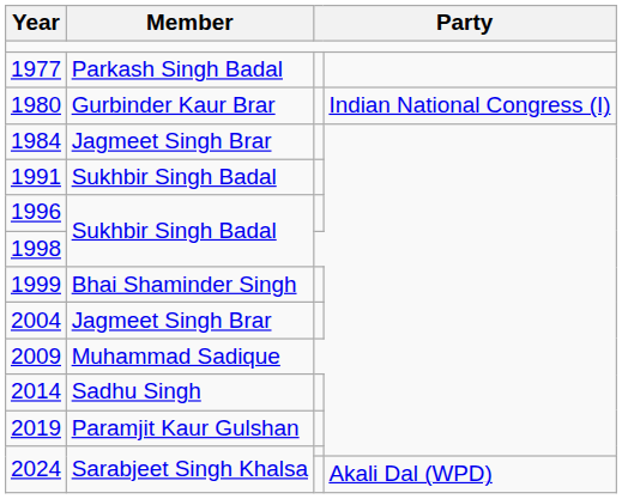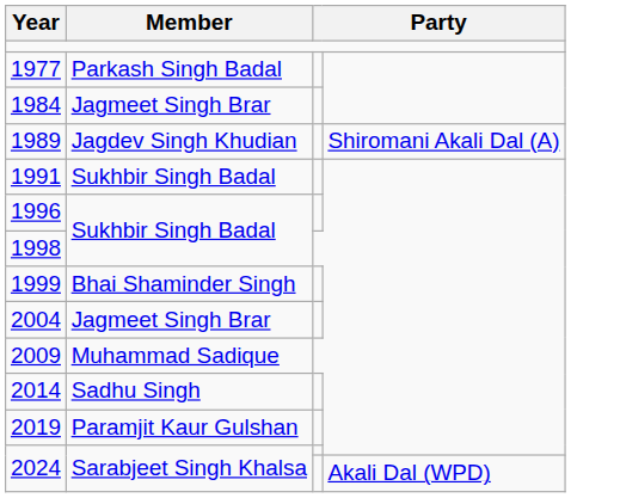 <table class="wikitable">
 <tr>
 <th>Year</th>
 <th>Member</th>
 <th colspan="2">Party</th>
 </tr>
 <tr>
 <td colspan="4"></td>
 </tr>
 <tr>
 <td><a href='#'>1977</a></td>
 <td><a href='#'>Parkash Singh Badal</a></td>
 <td></td>
 </tr>
 <tr>
-<td><a href='#'>1980</a></td>
-<td><a href='#'>Gurbinder Kaur Brar</a></td>
-<td style="background-color: "></td>
-<td><a href='#'>Indian National Congress (I)</a></td>
-</tr>
-<tr>
 <td><a href='#'>1984</a></td>
 <td><a href='#'>Jagmeet Singh Brar</a></td>
 <td></td>
+</tr>
+<tr>
+<td><a href='#'>1989</a></td>
+<td><a href='#'>Jagdev Singh Khudian</a></td>
+<td style="background-color: "></td>
+<td><a href='#'>Shiromani Akali Dal (A)</a></td>
 </tr>
 <tr>
 <td><a href='#'>1991</a></td>
 <td><a href='#'>Sukhbir Singh Badal</a></td>
 <td></td>
 </tr>
 <tr>
 <td><a href='#'>1996</a></td>
 <td rowspan="2"><a href='#'>Sukhbir Singh Badal</a></td>
 <td></td>
 </tr>
 <tr>
 <td><a href='#'>1998</a></td>
 </tr>
 <tr>
 <td><a href='#'>1999</a></td>
 <td><a href='#'>Bhai Shaminder Singh</a></td>
 <td></td>
 </tr>
 <tr>
 <td><a href='#'>2004</a></td>
 <td><a href='#'>Jagmeet Singh Brar</a></td>
 <td></td>
 </tr>
 <tr>
 <td><a href='#'>2009</a></td>
 <td><a href='#'>Muhammad Sadique</a></td>
 </tr>
 <tr>
 <td><a href='#'>2014</a></td>
 <td><a href='#'>Sadhu Singh</a></td>
 <td></td>
 </tr>
 <tr>
 <td><a href='#'>2019</a></td>
 <td><a href='#'>Paramjit Kaur Gulshan</a></td>
 <td></td>
 </tr>
 <tr>
 <td rowspan="2"><a href='#'>2024</a></td>
 <td rowspan="2"><a href='#'>Sarabjeet Singh Khalsa</a></td>
 <td></td>
 </tr>
 <tr>
 <td style="background-color: "></td>
 <td><a href='#'>Akali Dal (WPD)</a></td>
 </tr>
 </table>
